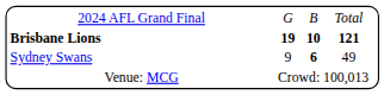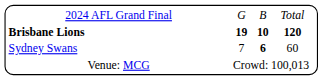 <table style="margin-right:4px; margin-left:4px; margin-top:8px; float:right; border:1px #000 solid; border-radius:8px; background:#fff; font-family:Verdana; font-size:8pt; text-align:center;">
 <tr>
 <td width="200"><a href='#'>2024 AFL Grand Final</a></td>
 <td><em>G</em></td>
 <td><em>B</em></td>
 <td><em>Total</em></td>
 </tr>
 <tr>
 <td style="text-align:left"><strong>Brisbane Lions</strong></td>
 <td><strong>19</strong></td>
 <td><strong>10</strong></td>
-<td><strong>121</strong></td>
+<td><strong>120</strong></td>
 </tr>
 <tr>
 <td style="text-align:left"><a href='#'>Sydney Swans</a></td>
-<td>9</td>
+<td>7</td>
 <td><strong>6</strong></td>
-<td>49</td>
+<td>60</td>
 </tr>
 <tr>
 <td>Venue: <a href='#'>MCG</a></td>
 <td colspan="3">Crowd: 100,013</td>
 <td colspan="3"></td>
 </tr>
 </table>
